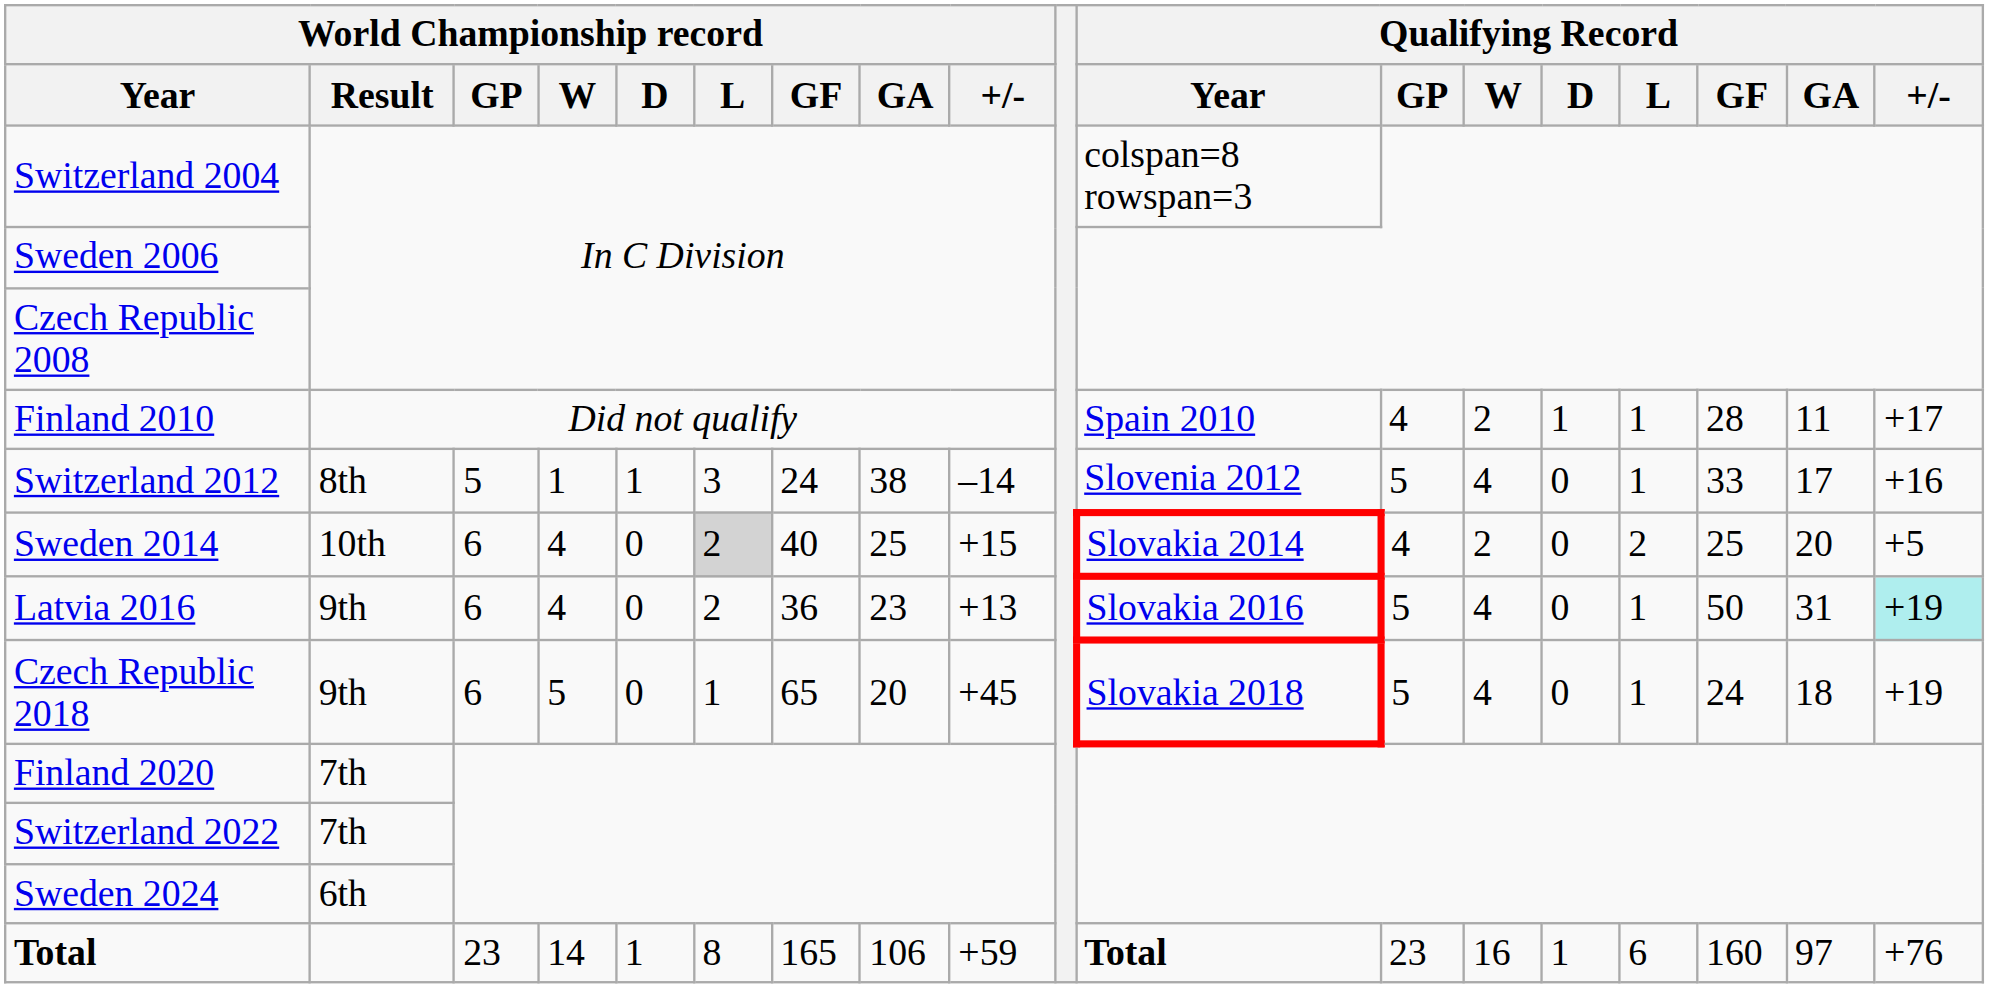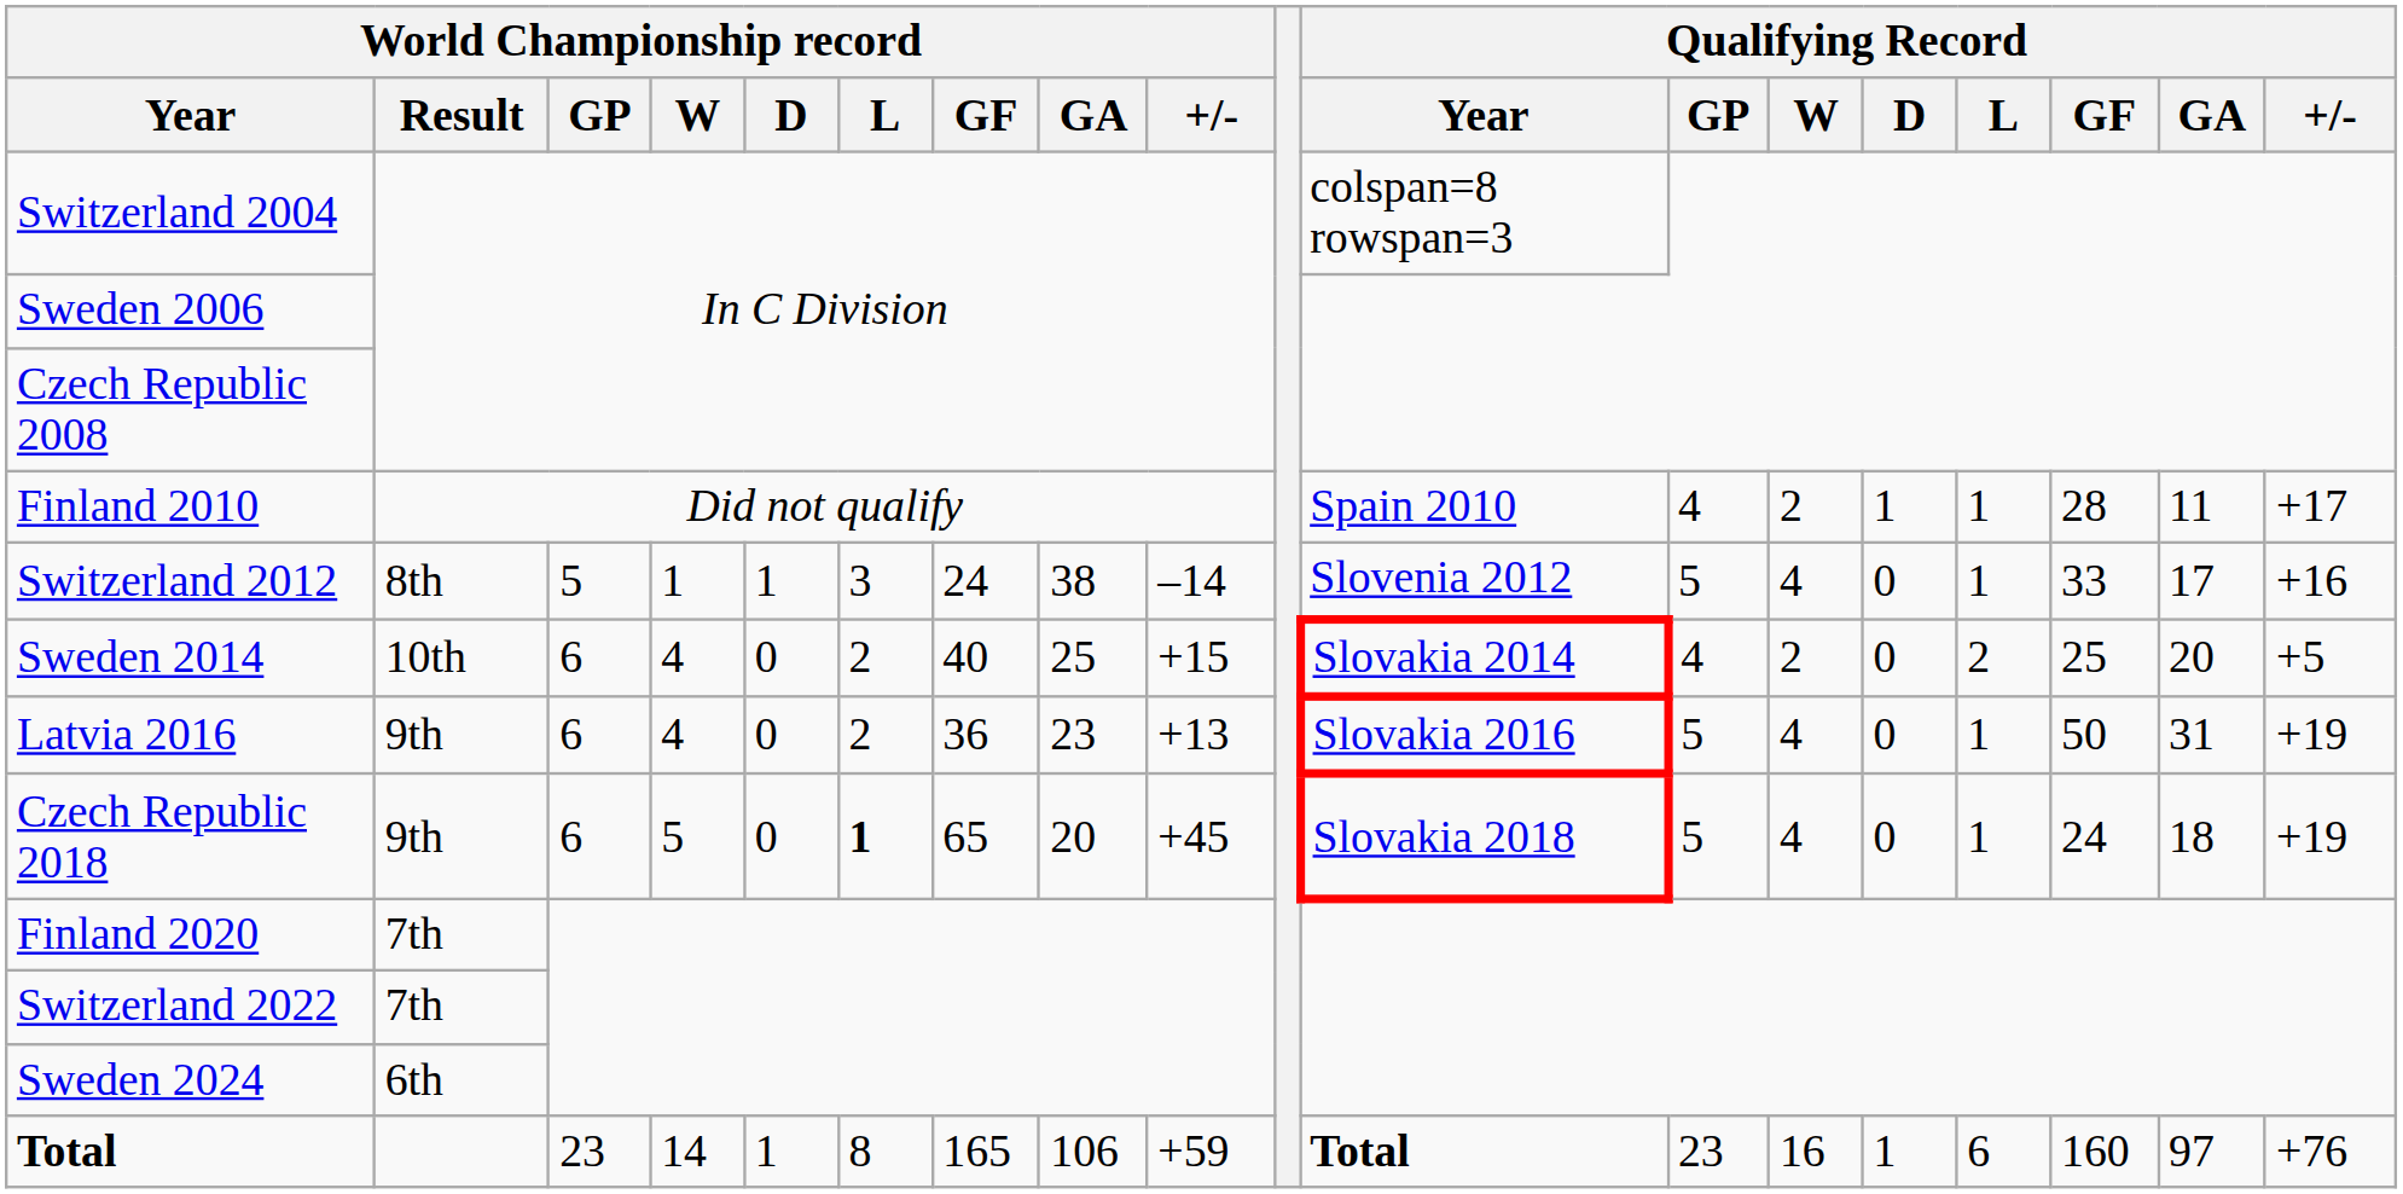 <table class="wikitable">
 <tr>
 <th colspan=9>World Championship record</th>
 <th style="width:1%;" rowspan="14"></th>
 <th colspan=8>Qualifying Record</th>
 </tr>
 <tr>
 <th width=100>Year</th>
 <th width=20>Result</th>
 <th width=20>GP</th>
 <th width=20>W</th>
 <th width=20>D</th>
 <th width=20>L</th>
 <th width=20>GF</th>
 <th width=20>GA</th>
 <th width=30>+/-</th>
 <th width=100>Year</th>
 <th width=20>GP</th>
 <th width=20>W</th>
 <th width=20>D</th>
 <th width=20>L</th>
 <th width=20>GF</th>
 <th width=20>GA</th>
 <th width=30>+/-</th>
 </tr>
 <tr>
 <td style="text-align:left;"><a href='#'>Switzerland 2004</a></td>
 <td rowspan=3 colspan=8 style="text-align:center;"><em>In C Division</em></td>
 <td>colspan=8 rowspan=3 </td>
 </tr>
 <tr>
 <td style="text-align:left;"><a href='#'>Sweden 2006</a></td>
 </tr>
 <tr>
 <td style="text-align:left;"><a href='#'>Czech Republic 2008</a></td>
 </tr>
 <tr>
 <td style="text-align:left;"><a href='#'>Finland 2010</a></td>
 <td colspan=8 style="text-align:center;"><em>Did not qualify</em></td>
 <td><a href='#'>Spain 2010</a></td>
 <td>4</td>
 <td>2</td>
 <td>1</td>
 <td>1</td>
 <td>28</td>
 <td>11</td>
 <td>+17</td>
 </tr>
 <tr>
 <td style="text-align:left;"><a href='#'>Switzerland 2012</a></td>
 <td>8th</td>
 <td>5</td>
 <td>1</td>
 <td>1</td>
 <td>3</td>
 <td>24</td>
 <td>38</td>
 <td>–14</td>
 <td><a href='#'>Slovenia 2012</a></td>
 <td>5</td>
 <td>4</td>
 <td>0</td>
 <td>1</td>
 <td>33</td>
 <td>17</td>
 <td>+16</td>
 </tr>
 <tr>
 <td style="text-align:left;"><a href='#'>Sweden 2014</a></td>
 <td>10th</td>
 <td>6</td>
 <td>4</td>
 <td>0</td>
-<td style="background: lightgrey;">2</td>
+<td>2</td>
 <td>40</td>
 <td>25</td>
 <td>+15</td>
 <td style="border: 3px solid red;"><a href='#'>Slovakia 2014</a></td>
 <td>4</td>
 <td>2</td>
 <td>0</td>
 <td>2</td>
 <td>25</td>
 <td>20</td>
 <td>+5</td>
 </tr>
 <tr>
 <td style="text-align:left;"><a href='#'>Latvia 2016</a></td>
 <td>9th</td>
 <td>6</td>
 <td>4</td>
 <td>0</td>
 <td>2</td>
 <td>36</td>
 <td>23</td>
 <td>+13</td>
 <td style="border: 3px solid red;"><a href='#'>Slovakia 2016</a></td>
 <td>5</td>
 <td>4</td>
 <td>0</td>
 <td>1</td>
 <td>50</td>
 <td>31</td>
-<td style="background: paleturquoise;">+19</td>
+<td>+19</td>
 </tr>
 <tr>
 <td style="text-align:left;"><a href='#'>Czech Republic 2018</a></td>
 <td>9th</td>
 <td>6</td>
 <td>5</td>
 <td>0</td>
-<td>1</td>
+<td><strong>1</strong></td>
 <td>65</td>
 <td>20</td>
 <td>+45</td>
 <td style="border: 3px solid red;"><a href='#'>Slovakia 2018</a></td>
 <td>5</td>
 <td>4</td>
 <td>0</td>
 <td>1</td>
 <td>24</td>
 <td>18</td>
 <td>+19</td>
 </tr>
 <tr>
 <td style="text-align:left;"><a href='#'>Finland 2020</a></td>
 <td>7th</td>
 </tr>
 <tr>
 <td style="text-align:left;"><a href='#'>Switzerland 2022</a></td>
 <td>7th</td>
 </tr>
 <tr>
 <td style="text-align:left;"><a href='#'>Sweden 2024</a></td>
 <td>6th</td>
 </tr>
 <tr>
 <td style="text-align:left;"><strong>Total</strong></td>
 <td></td>
 <td>23</td>
 <td>14</td>
 <td>1</td>
 <td>8</td>
 <td>165</td>
 <td>106</td>
 <td>+59</td>
 <td><strong>Total</strong></td>
 <td>23</td>
 <td>16</td>
 <td>1</td>
 <td>6</td>
 <td>160</td>
 <td>97</td>
 <td>+76</td>
 </tr>
 </table>
